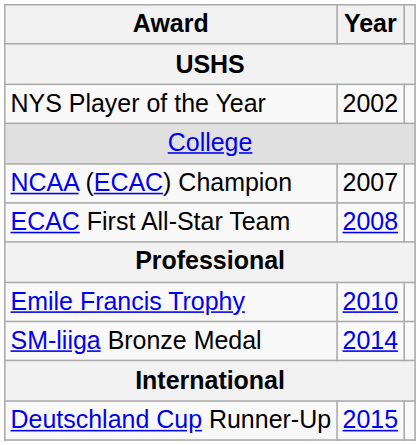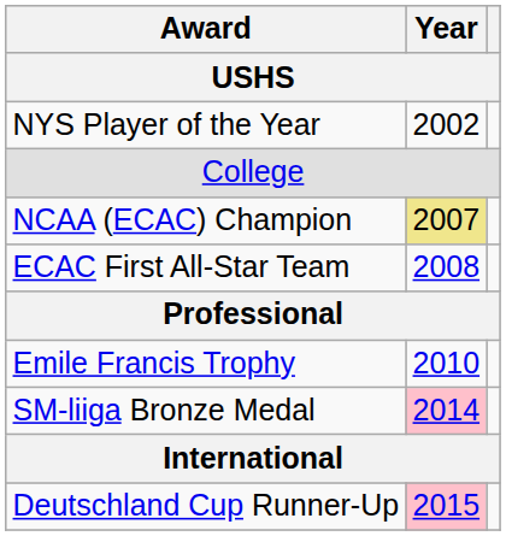 <table class="wikitable">
 <tr>
 <th>Award</th>
 <th>Year</th>
 <th></th>
 </tr>
 <tr>
 <th colspan="3">USHS</th>
 </tr>
 <tr>
 <td>NYS Player of the Year</td>
 <td>2002</td>
 <td></td>
 </tr>
 <tr bgcolor="#e0e0e0" align="center">
 <td colspan="3"><a href='#'>College</a></td>
 </tr>
 <tr>
 <td><a href='#'>NCAA</a> (<a href='#'>ECAC</a>) Champion</td>
-<td>2007</td>
+<td style="background: khaki;">2007</td>
 <td></td>
 </tr>
 <tr>
 <td><a href='#'>ECAC</a> First All-Star Team</td>
 <td><a href='#'>2008</a></td>
 <td></td>
 </tr>
 <tr>
 <th colspan="3">Professional</th>
 </tr>
 <tr>
 <td><a href='#'>Emile Francis Trophy</a></td>
 <td><a href='#'>2010</a></td>
 <td></td>
 </tr>
 <tr>
 <td><a href='#'>SM-liiga</a> Bronze Medal</td>
-<td><a href='#'>2014</a></td>
+<td style="background: pink;"><a href='#'>2014</a></td>
 <td></td>
 </tr>
 <tr>
 <th colspan="3">International</th>
 </tr>
 <tr>
 <td><a href='#'>Deutschland Cup</a> Runner-Up</td>
-<td><a href='#'>2015</a></td>
+<td style="background: pink;"><a href='#'>2015</a></td>
 <td></td>
 </tr>
 </table>
